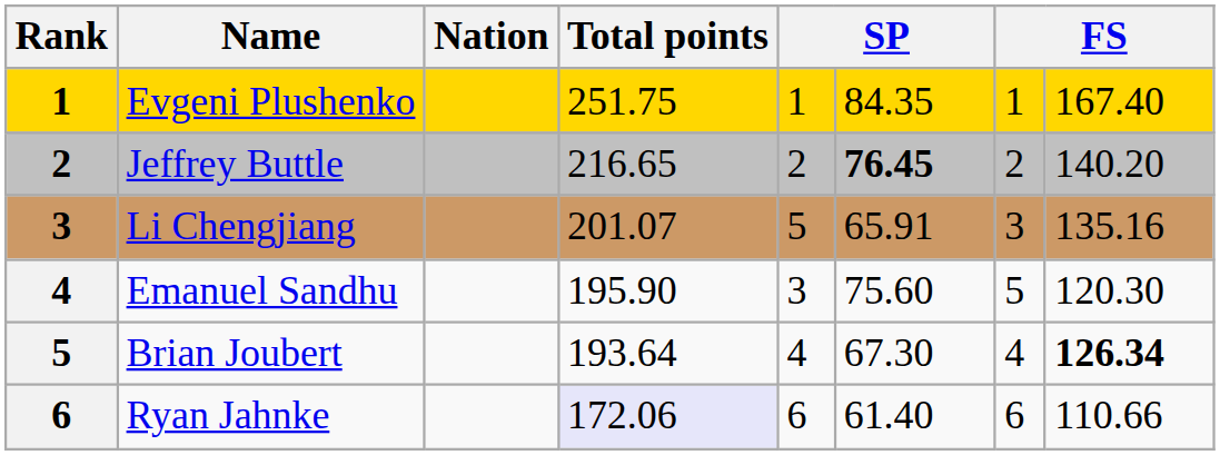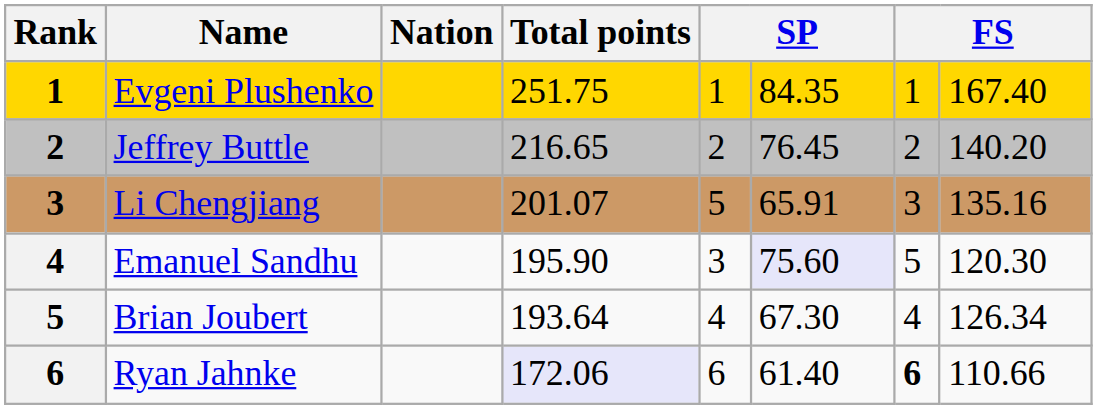 <table class="wikitable">
 <tr>
 <th>Rank</th>
 <th>Name</th>
 <th>Nation</th>
 <th>Total points</th>
 <th colspan="2" width="80px"><a href='#'>SP</a></th>
 <th colspan="2" width="80px"><a href='#'>FS</a></th>
 </tr>
 <tr bgcolor="gold">
 <td align="center"><strong>1</strong></td>
 <td><a href='#'>Evgeni Plushenko</a></td>
 <td></td>
 <td>251.75</td>
 <td>1</td>
 <td>84.35</td>
 <td>1</td>
 <td>167.40</td>
 </tr>
 <tr bgcolor="silver">
 <td align="center"><strong>2</strong></td>
 <td><a href='#'>Jeffrey Buttle</a></td>
 <td></td>
 <td>216.65</td>
 <td>2</td>
-<td><strong>76.45</strong></td>
+<td>76.45</td>
 <td>2</td>
 <td>140.20</td>
 </tr>
 <tr bgcolor="cc9966">
 <td align="center"><strong>3</strong></td>
 <td><a href='#'>Li Chengjiang</a></td>
 <td></td>
 <td>201.07</td>
 <td>5</td>
 <td>65.91</td>
 <td>3</td>
 <td>135.16</td>
 </tr>
 <tr>
 <th>4</th>
 <td><a href='#'>Emanuel Sandhu</a></td>
 <td></td>
 <td>195.90</td>
 <td>3</td>
-<td>75.60</td>
+<td style="background: lavender;">75.60</td>
 <td>5</td>
 <td>120.30</td>
 </tr>
 <tr>
 <th>5</th>
 <td><a href='#'>Brian Joubert</a></td>
 <td></td>
 <td>193.64</td>
 <td>4</td>
 <td>67.30</td>
 <td>4</td>
-<td><strong>126.34</strong></td>
+<td>126.34</td>
 </tr>
 <tr>
 <th>6</th>
 <td><a href='#'>Ryan Jahnke</a></td>
 <td></td>
 <td style="background: lavender;">172.06</td>
 <td>6</td>
 <td>61.40</td>
-<td>6</td>
+<td><strong>6</strong></td>
 <td>110.66</td>
 </tr>
 </table>
